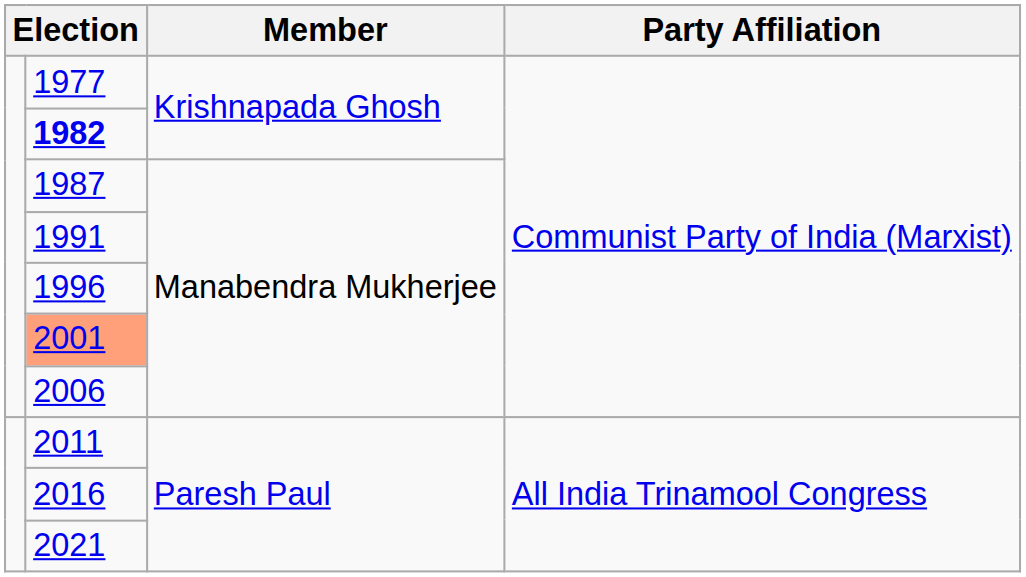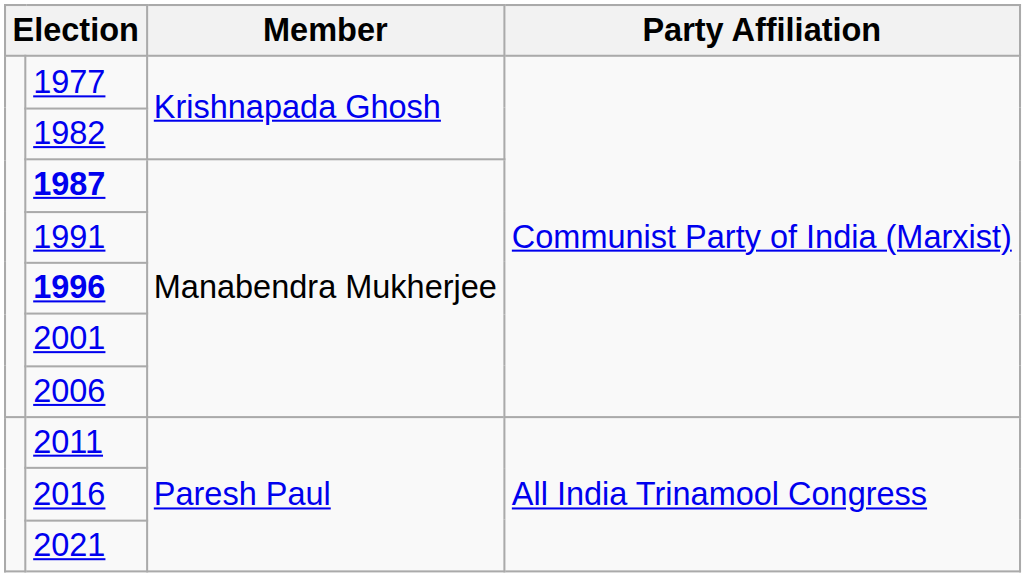 <table class="wikitable sortable">
 <tr>
 <th colspan="2">Election</th>
 <th>Member</th>
 <th>Party Affiliation</th>
 </tr>
 <tr>
 <td rowspan="7" style="background-color: "></td>
 <td><a href='#'>1977</a></td>
 <td rowspan="2"><a href='#'>Krishnapada Ghosh</a></td>
 <td rowspan="7"><a href='#'>Communist Party of India (Marxist)</a></td>
 </tr>
 <tr>
-<td><strong><a href='#'>1982</a></strong></td>
+<td><a href='#'>1982</a></td>
 </tr>
 <tr>
-<td><a href='#'>1987</a></td>
+<td><strong><a href='#'>1987</a></strong></td>
 <td rowspan="5">Manabendra Mukherjee</td>
 </tr>
 <tr>
 <td><a href='#'>1991</a></td>
 </tr>
 <tr>
-<td><a href='#'>1996</a></td>
+<td><strong><a href='#'>1996</a></strong></td>
 </tr>
 <tr>
-<td style="background: lightsalmon;"><a href='#'>2001</a></td>
+<td><a href='#'>2001</a></td>
 </tr>
 <tr>
 <td><a href='#'>2006</a></td>
 </tr>
 <tr>
 <td rowspan="3" style="background-color: "></td>
 <td><a href='#'>2011</a></td>
 <td rowspan="3"><a href='#'>Paresh Paul</a></td>
 <td rowspan="3"><a href='#'>All India Trinamool Congress</a></td>
 </tr>
 <tr>
 <td><a href='#'>2016</a></td>
 </tr>
 <tr>
 <td><a href='#'>2021</a></td>
 </tr>
 </table>
